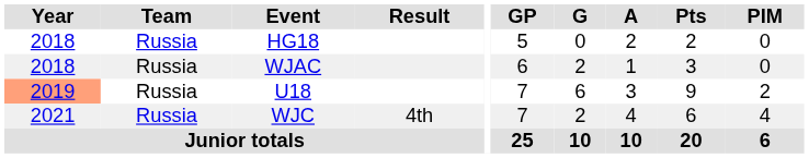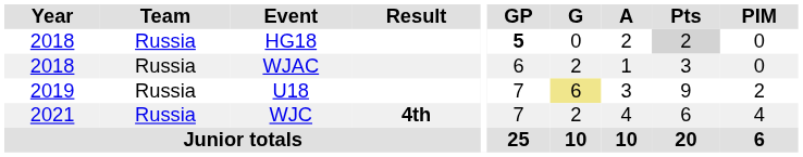 <table border="0" cellpadding="1" cellspacing="0" ID="Table3" style="text-align:center; width:40em">
 <tr ALIGN="center" bgcolor="#e0e0e0">
 <th>Year</th>
 <th>Team</th>
 <th>Event</th>
 <th>Result</th>
 <th rowspan="99" bgcolor="#ffffff"></th>
 <th>GP</th>
 <th>G</th>
 <th>A</th>
 <th>Pts</th>
 <th>PIM</th>
 </tr>
 <tr>
 <td><a href='#'>2018</a></td>
 <td><a href='#'>Russia</a></td>
 <td><a href='#'>HG18</a></td>
 <td></td>
-<td>5</td>
+<td><strong>5</strong></td>
 <td>0</td>
 <td>2</td>
-<td>2</td>
+<td style="background: lightgrey;">2</td>
 <td>0</td>
 </tr>
 <tr bgcolor="#f0f0f0">
 <td><a href='#'>2018</a></td>
 <td>Russia</td>
 <td><a href='#'>WJAC</a></td>
 <td></td>
 <td>6</td>
 <td>2</td>
 <td>1</td>
 <td>3</td>
 <td>0</td>
 </tr>
 <tr>
-<td style="background: lightsalmon;"><a href='#'>2019</a></td>
+<td><a href='#'>2019</a></td>
 <td>Russia</td>
 <td><a href='#'>U18</a></td>
 <td></td>
 <td>7</td>
-<td>6</td>
+<td style="background: khaki;">6</td>
 <td>3</td>
 <td>9</td>
 <td>2</td>
 </tr>
 <tr bgcolor="#f0f0f0">
 <td><a href='#'>2021</a></td>
 <td><a href='#'>Russia</a></td>
 <td><a href='#'>WJC</a></td>
-<td>4th</td>
+<td><strong>4th</strong></td>
 <td>7</td>
 <td>2</td>
 <td>4</td>
 <td>6</td>
 <td>4</td>
 </tr>
 <tr bgcolor="#e0e0e0">
 <th colspan="4">Junior totals</th>
 <th>25</th>
 <th>10</th>
 <th>10</th>
 <th>20</th>
 <th>6</th>
 </tr>
 </table>
